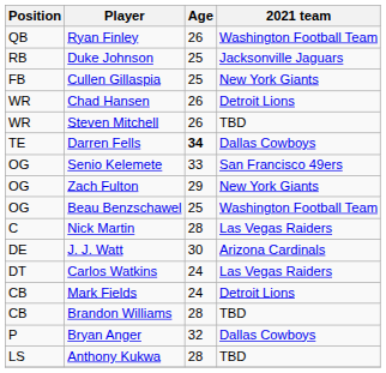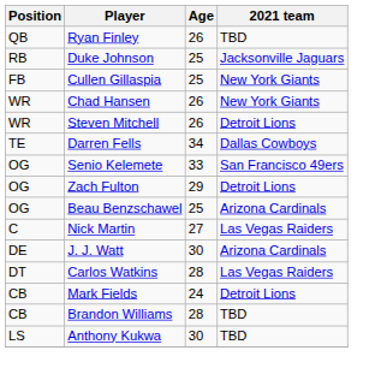 <table class="wikitable">
 <tr>
 <th>Position</th>
 <th>Player</th>
 <th>Age</th>
 <th>2021 team</th>
 </tr>
 <tr>
 <td>QB</td>
 <td><a href='#'>Ryan Finley</a></td>
 <td>26</td>
-<td><a href='#'>Washington Football Team</a></td>
+<td>TBD</td>
 </tr>
 <tr>
 <td>RB</td>
 <td><a href='#'>Duke Johnson</a></td>
 <td>25</td>
 <td><a href='#'>Jacksonville Jaguars</a></td>
 </tr>
 <tr>
 <td>FB</td>
 <td><a href='#'>Cullen Gillaspia</a></td>
 <td>25</td>
 <td><a href='#'>New York Giants</a></td>
 </tr>
 <tr>
 <td>WR</td>
 <td><a href='#'>Chad Hansen</a></td>
 <td>26</td>
-<td><a href='#'>Detroit Lions</a></td>
+<td><a href='#'>New York Giants</a></td>
 </tr>
 <tr>
 <td>WR</td>
 <td><a href='#'>Steven Mitchell</a></td>
 <td>26</td>
-<td>TBD</td>
+<td><a href='#'>Detroit Lions</a></td>
 </tr>
 <tr>
 <td>TE</td>
 <td><a href='#'>Darren Fells</a></td>
-<td><strong>34</strong></td>
+<td>34</td>
 <td><a href='#'>Dallas Cowboys</a></td>
 </tr>
 <tr>
 <td>OG</td>
 <td><a href='#'>Senio Kelemete</a></td>
 <td>33</td>
 <td><a href='#'>San Francisco 49ers</a></td>
 </tr>
 <tr>
 <td>OG</td>
 <td><a href='#'>Zach Fulton</a></td>
 <td>29</td>
-<td><a href='#'>New York Giants</a></td>
+<td><a href='#'>Detroit Lions</a></td>
 </tr>
 <tr>
 <td>OG</td>
 <td><a href='#'>Beau Benzschawel</a></td>
 <td>25</td>
-<td><a href='#'>Washington Football Team</a></td>
+<td><a href='#'>Arizona Cardinals</a></td>
 </tr>
 <tr>
 <td>C</td>
 <td><a href='#'>Nick Martin</a></td>
-<td>28</td>
+<td>27</td>
 <td><a href='#'>Las Vegas Raiders</a></td>
 </tr>
 <tr>
 <td>DE</td>
 <td><a href='#'>J. J. Watt</a></td>
 <td>30</td>
 <td><a href='#'>Arizona Cardinals</a></td>
 </tr>
 <tr>
 <td>DT</td>
 <td><a href='#'>Carlos Watkins</a></td>
-<td>24</td>
+<td>28</td>
 <td><a href='#'>Las Vegas Raiders</a></td>
 </tr>
 <tr>
 <td>CB</td>
 <td><a href='#'>Mark Fields</a></td>
 <td>24</td>
 <td><a href='#'>Detroit Lions</a></td>
 </tr>
 <tr>
 <td>CB</td>
 <td><a href='#'>Brandon Williams</a></td>
 <td>28</td>
 <td>TBD</td>
 </tr>
 <tr>
-<td>P</td>
-<td><a href='#'>Bryan Anger</a></td>
-<td>32</td>
-<td><a href='#'>Dallas Cowboys</a></td>
-</tr>
-<tr>
 <td>LS</td>
 <td><a href='#'>Anthony Kukwa</a></td>
-<td>28</td>
+<td>30</td>
 <td>TBD</td>
 </tr>
 <tr>
 </tr>
 </table>
